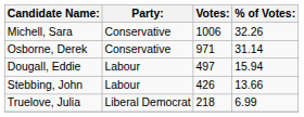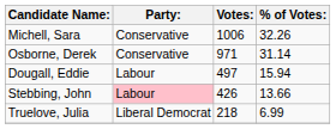 <table class="wikitable">
 <tr>
 <th>Candidate Name:</th>
 <th>Party:</th>
 <th>Votes:</th>
 <th>% of Votes:</th>
 </tr>
 <tr>
 <td>Michell, Sara</td>
 <td>Conservative</td>
 <td>1006</td>
 <td>32.26</td>
 </tr>
 <tr>
 <td>Osborne, Derek</td>
 <td>Conservative</td>
 <td>971</td>
 <td>31.14</td>
 </tr>
 <tr>
 <td>Dougall, Eddie</td>
 <td>Labour</td>
 <td>497</td>
 <td>15.94</td>
 </tr>
 <tr>
 <td>Stebbing, John</td>
-<td>Labour</td>
+<td style="background: pink;">Labour</td>
 <td>426</td>
 <td>13.66</td>
 </tr>
 <tr>
 <td>Truelove, Julia</td>
 <td>Liberal Democrat</td>
 <td>218</td>
 <td>6.99</td>
 </tr>
 <tr>
 </tr>
 </table>
